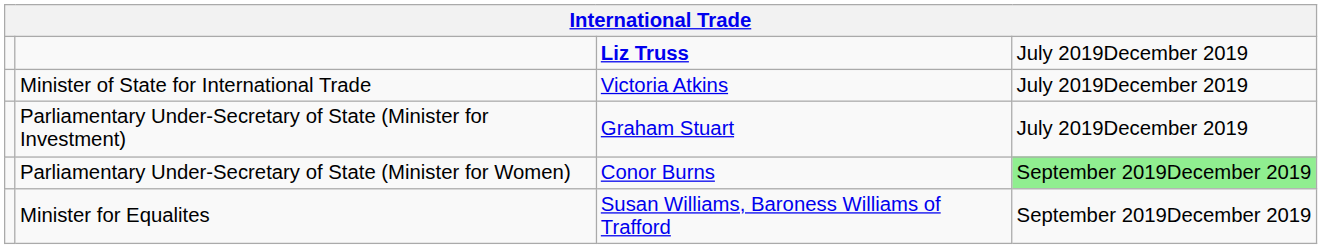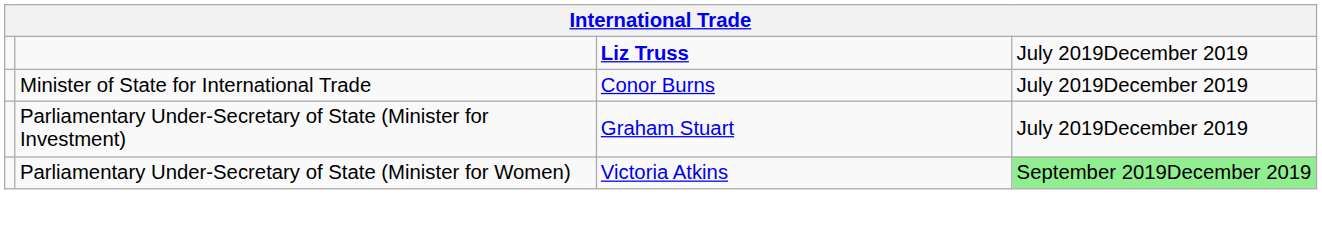 <table class="wikitable">
 <tr>
 <th colspan="4"><a href='#'>International Trade</a></th>
 </tr>
 <tr>
 <td style="width: 1px; background: "></td>
 <td style="width: 450px;"></td>
 <td style="width: 320px;"><strong><a href='#'>Liz Truss</a></strong> <br></td>
 <td>July 2019December 2019</td>
 </tr>
 <tr>
 <td style="width: 1px; background: "></td>
 <td style="width: 450px;">Minister of State for International Trade</td>
-<td Style="width: 320px:"><a href='#'>Victoria Atkins</a> <br></td>
+<td style="width: 320px;"><a href='#'>Conor Burns</a></td>
 <td>July 2019December 2019</td>
 </tr>
 <tr>
 <td style="width: 1px; background: "></td>
 <td style="width: 450px;">Parliamentary Under-Secretary of State (Minister for Investment)</td>
 <td style="width: 320px;"><a href='#'>Graham Stuart</a></td>
 <td>July 2019December 2019</td>
 </tr>
 <tr>
 <td style="width: 1px; background: "></td>
 <td style="width: 450px;">Parliamentary Under-Secretary of State (Minister for Women)</td>
-<td style="width: 320px;"><a href='#'>Conor Burns</a></td>
+<td Style="width: 320px:"><a href='#'>Victoria Atkins</a> <br></td>
 <td style="background: lightgreen;">September 2019December 2019</td>
 </tr>
-<tr>
-<td style="width: 1px; background: "></td>
-<td style="width: 450px;">Minister for Equalites</td>
-<td style="width: 320px;"><a href='#'>Susan Williams, Baroness Williams of Trafford</a> <br></td>
-<td>September 2019December 2019</td>
-</tr>
 </table>
